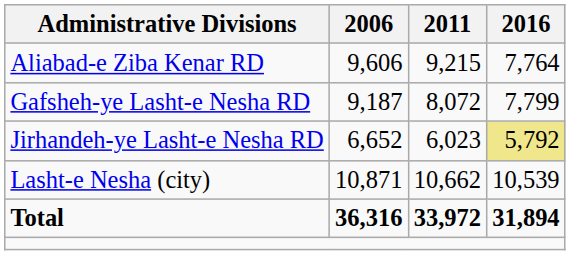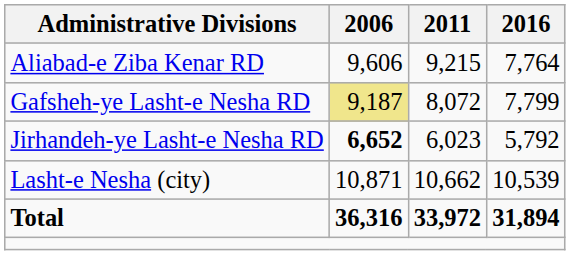 <table class="wikitable">
 <tr>
 <th>Administrative Divisions</th>
 <th>2006</th>
 <th>2011</th>
 <th>2016</th>
 </tr>
 <tr>
 <td><a href='#'>Aliabad-e Ziba Kenar RD</a></td>
 <td style="text-align: right;">9,606</td>
 <td style="text-align: right;">9,215</td>
 <td style="text-align: right;">7,764</td>
 </tr>
 <tr>
 <td><a href='#'>Gafsheh-ye Lasht-e Nesha RD</a></td>
-<td style="text-align: right;">9,187</td>
+<td style="background: khaki; text-align: right;">9,187</td>
 <td style="text-align: right;">8,072</td>
 <td style="text-align: right;">7,799</td>
 </tr>
 <tr>
 <td><a href='#'>Jirhandeh-ye Lasht-e Nesha RD</a></td>
-<td style="text-align: right;">6,652</td>
+<td style="text-align: right;"><strong>6,652</strong></td>
 <td style="text-align: right;">6,023</td>
-<td style="background: khaki; text-align: right;">5,792</td>
+<td style="text-align: right;">5,792</td>
 </tr>
 <tr>
 <td><a href='#'>Lasht-e Nesha</a> (city)</td>
 <td style="text-align: right;">10,871</td>
 <td style="text-align: right;">10,662</td>
 <td style="text-align: right;">10,539</td>
 </tr>
 <tr>
 <td><strong>Total</strong></td>
 <td style="text-align: right;"><strong>36,316</strong></td>
 <td style="text-align: right;"><strong>33,972</strong></td>
 <td style="text-align: right;"><strong>31,894</strong></td>
 </tr>
 <tr>
 <td colspan=4></td>
 </tr>
 </table>
